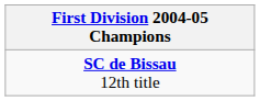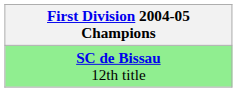 <table class="wikitable" style="margin: 0 auto; width: 240px;">
 <tr>
 <th><a href='#'>First Division</a> 2004-05<br>Champions</th>
 </tr>
 <tr>
-<td align=center><strong><a href='#'>SC de Bissau</a></strong><br>12th title</td>
+<td align=center style="background: lightgreen;"><strong><a href='#'>SC de Bissau</a></strong><br>12th title</td>
 </tr>
 </table>
